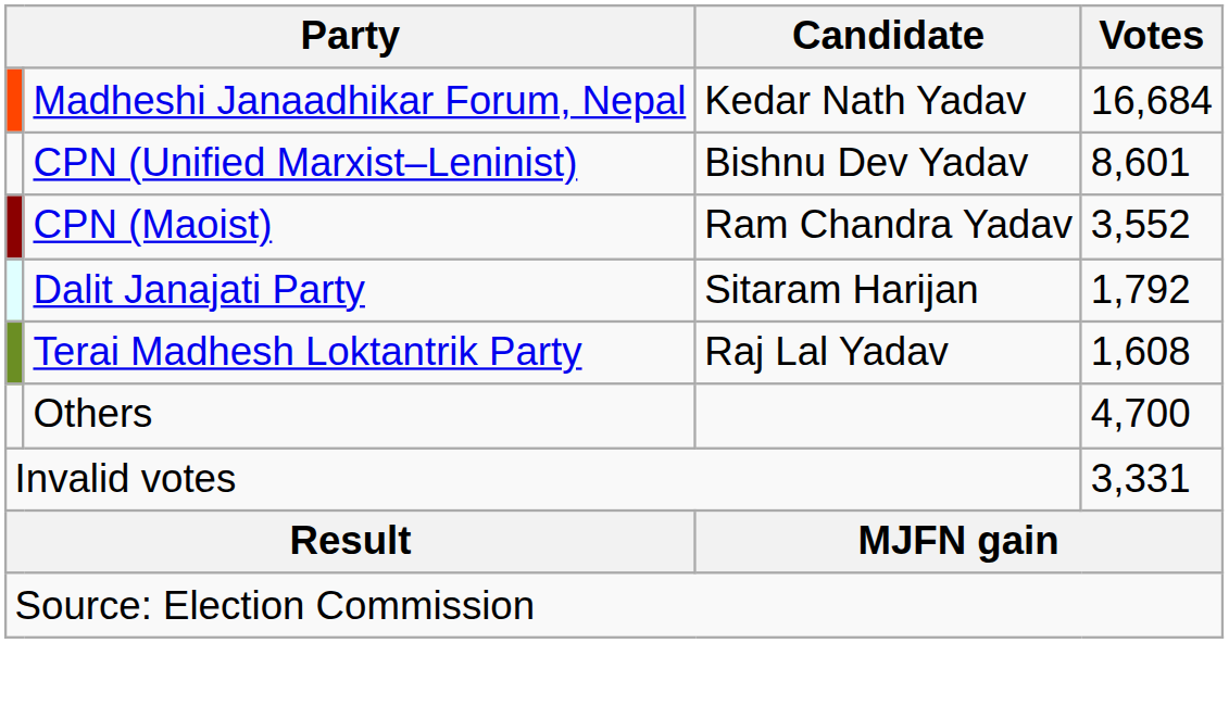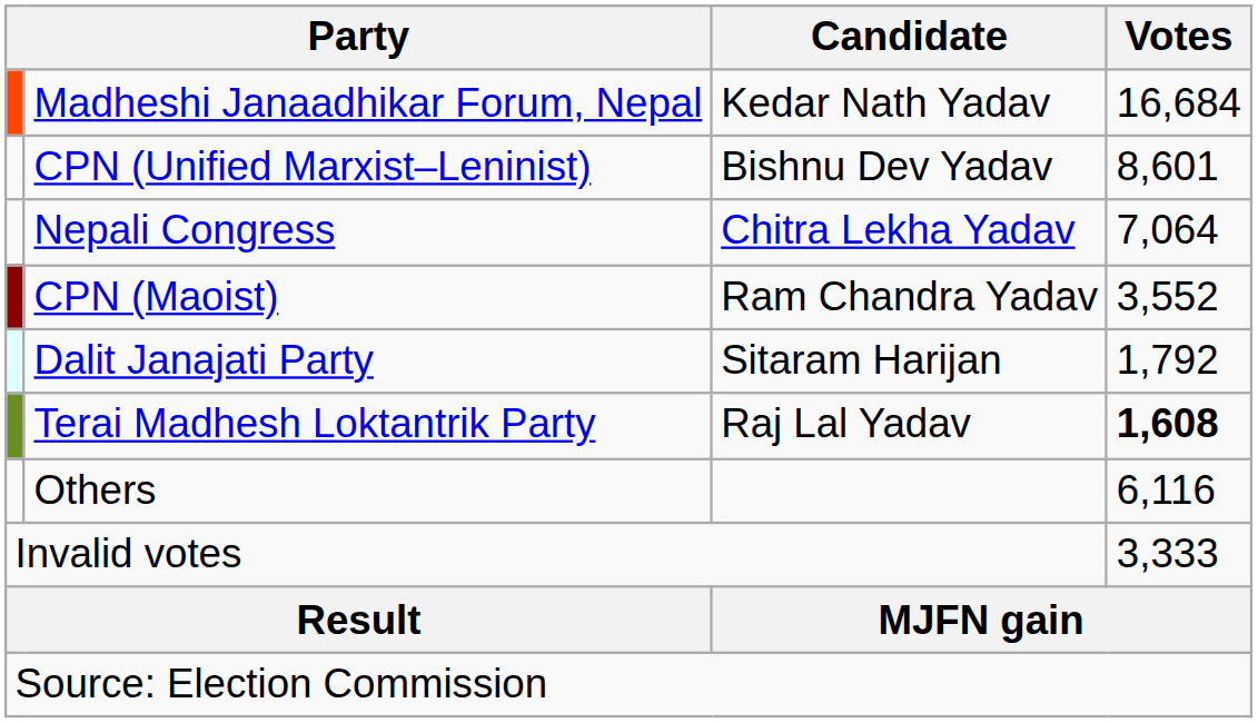 <table class="wikitable">
 <tr>
 <th colspan="2">Party</th>
 <th>Candidate</th>
 <th>Votes</th>
 </tr>
 <tr>
 <td style="background-color:orangered"></td>
 <td><a href='#'>Madheshi Janaadhikar Forum, Nepal</a></td>
 <td>Kedar Nath Yadav</td>
 <td>16,684</td>
 </tr>
 <tr>
 <td style="background-color:"></td>
 <td><a href='#'>CPN (Unified Marxist–Leninist)</a></td>
 <td>Bishnu Dev Yadav</td>
 <td>8,601</td>
 </tr>
 <tr>
+<td style="background-color:"></td>
+<td><a href='#'>Nepali Congress</a></td>
+<td><a href='#'>Chitra Lekha Yadav</a></td>
+<td>7,064</td>
+</tr>
+<tr>
 <td style="background-color:darkred"></td>
 <td><a href='#'>CPN (Maoist)</a></td>
 <td>Ram Chandra Yadav</td>
 <td>3,552</td>
 </tr>
 <tr>
 <td style="background-color:#e0ffff"></td>
 <td><a href='#'>Dalit Janajati Party</a></td>
 <td>Sitaram Harijan</td>
 <td>1,792</td>
 </tr>
 <tr>
 <td style="background-color:olivedrab"></td>
 <td><a href='#'>Terai Madhesh Loktantrik Party</a></td>
 <td>Raj Lal Yadav</td>
-<td>1,608</td>
+<td><strong>1,608</strong></td>
 </tr>
 <tr>
 <td></td>
 <td>Others</td>
 <td></td>
-<td>4,700</td>
+<td>6,116</td>
 </tr>
 <tr>
 <td colspan="3">Invalid votes</td>
-<td>3,331</td>
+<td>3,333</td>
 </tr>
 <tr>
 <th colspan="2">Result</th>
 <th colspan="2">MJFN gain</th>
 </tr>
 <tr>
 <td colspan="4">Source: Election Commission</td>
 </tr>
 </table>
